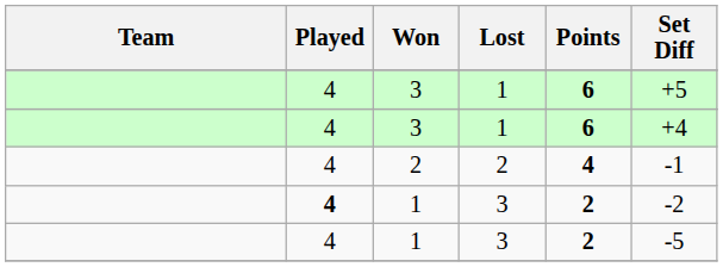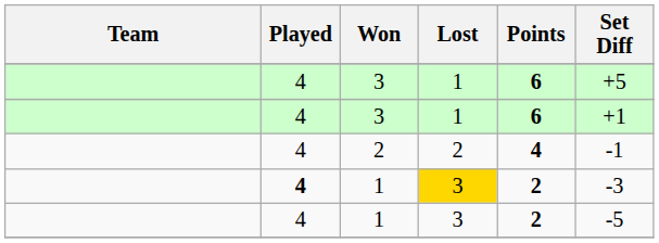 <table class=wikitable style="text-align:center">
 <tr>
 <th width=180>Team</th>
 <th width=50>Played</th>
 <th width=50>Won</th>
 <th width=50>Lost</th>
 <th width=50>Points</th>
 <th width=50>Set Diff</th>
 </tr>
 <tr>
 </tr>
 <tr bgcolor=ccffcc>
 <td align=left></td>
 <td>4</td>
 <td>3</td>
 <td>1</td>
 <td><strong>6</strong></td>
 <td>+5</td>
 </tr>
 <tr>
 </tr>
 <tr bgcolor=ccffcc>
 <td align=left></td>
 <td>4</td>
 <td>3</td>
 <td>1</td>
 <td><strong>6</strong></td>
-<td>+4</td>
+<td>+1</td>
 </tr>
 <tr>
 <td align=left></td>
 <td>4</td>
 <td>2</td>
 <td>2</td>
 <td><strong>4</strong></td>
 <td>-1</td>
 </tr>
 <tr>
 <td align=left></td>
 <td><strong>4</strong></td>
 <td>1</td>
-<td>3</td>
+<td style="background: gold;">3</td>
 <td><strong>2</strong></td>
-<td>-2</td>
+<td>-3</td>
 </tr>
 <tr>
 <td align=left></td>
 <td>4</td>
 <td>1</td>
 <td>3</td>
 <td><strong>2</strong></td>
 <td>-5</td>
 </tr>
 <tr>
 </tr>
 </table>
